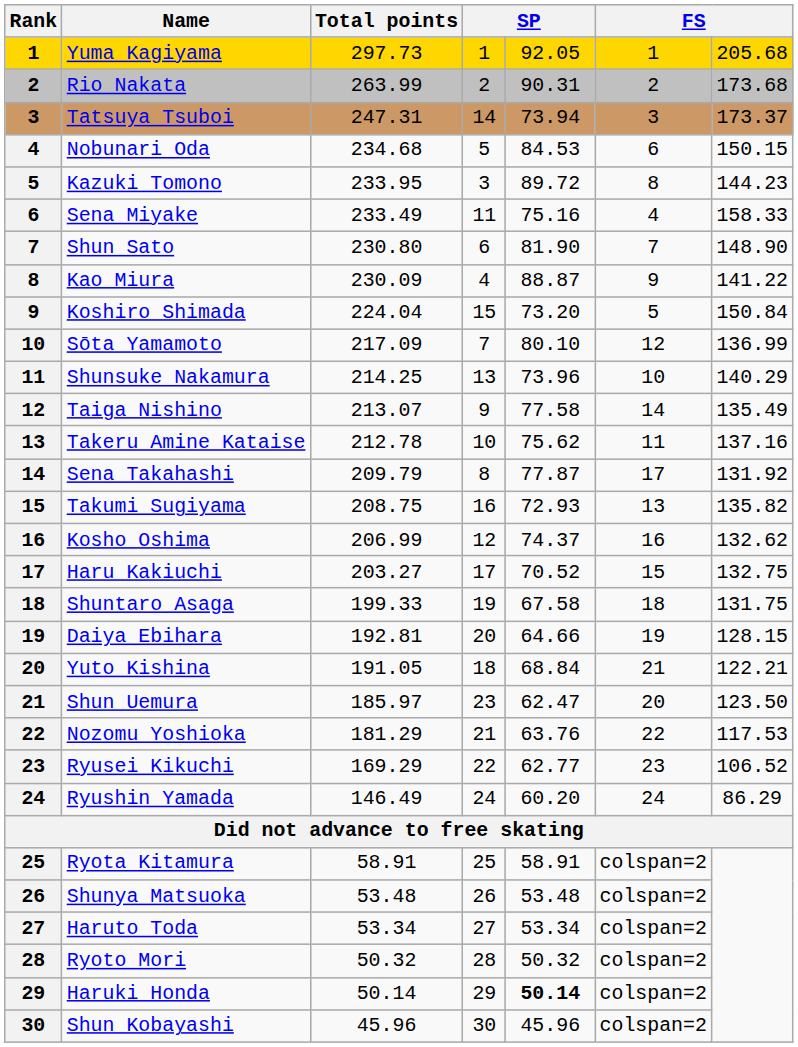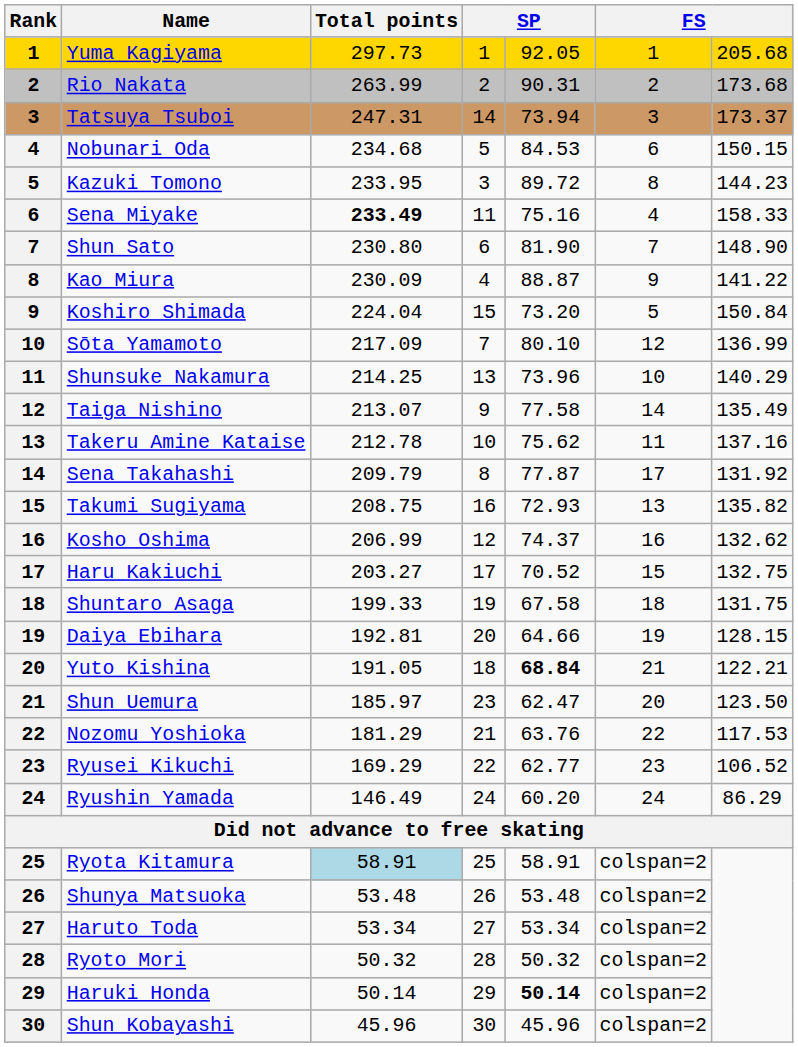 <table class="wikitable sortable">
 <tr>
 <th>Rank</th>
 <th>Name</th>
 <th>Total points</th>
 <th colspan="2" width="80px"><a href='#'>SP</a></th>
 <th colspan="2" width="80px"><a href='#'>FS</a></th>
 </tr>
 <tr bgcolor="gold">
 <td align="center"><strong>1</strong></td>
 <td><a href='#'>Yuma Kagiyama</a></td>
 <td align="center">297.73</td>
 <td align="center">1</td>
 <td align="center">92.05</td>
 <td align="center">1</td>
 <td align="center">205.68</td>
 </tr>
 <tr bgcolor="silver">
 <td align="center"><strong>2</strong></td>
 <td><a href='#'>Rio Nakata</a></td>
 <td align="center">263.99</td>
 <td align="center">2</td>
 <td align="center">90.31</td>
 <td align="center">2</td>
 <td align="center">173.68</td>
 </tr>
 <tr bgcolor="cc9966">
 <td align="center"><strong>3</strong></td>
 <td><a href='#'>Tatsuya Tsuboi</a></td>
 <td align="center">247.31</td>
 <td align="center">14</td>
 <td align="center">73.94</td>
 <td align="center">3</td>
 <td align="center">173.37</td>
 </tr>
 <tr>
 <th>4</th>
 <td><a href='#'>Nobunari Oda</a></td>
 <td align="center">234.68</td>
 <td align="center">5</td>
 <td align="center">84.53</td>
 <td align="center">6</td>
 <td align="center">150.15</td>
 </tr>
 <tr>
 <th>5</th>
 <td><a href='#'>Kazuki Tomono</a></td>
 <td align="center">233.95</td>
 <td align="center">3</td>
 <td align="center">89.72</td>
 <td align="center">8</td>
 <td align="center">144.23</td>
 </tr>
 <tr>
 <th>6</th>
 <td><a href='#'>Sena Miyake</a></td>
-<td align="center">233.49</td>
+<td align="center"><strong>233.49</strong></td>
 <td align="center">11</td>
 <td align="center">75.16</td>
 <td align="center">4</td>
 <td align="center">158.33</td>
 </tr>
 <tr>
 <th>7</th>
 <td><a href='#'>Shun Sato</a></td>
 <td align="center">230.80</td>
 <td align="center">6</td>
 <td align="center">81.90</td>
 <td align="center">7</td>
 <td align="center">148.90</td>
 </tr>
 <tr>
 <th>8</th>
 <td><a href='#'>Kao Miura</a></td>
 <td align="center">230.09</td>
 <td align="center">4</td>
 <td align="center">88.87</td>
 <td align="center">9</td>
 <td align="center">141.22</td>
 </tr>
 <tr>
 <th>9</th>
 <td><a href='#'>Koshiro Shimada</a></td>
 <td align="center">224.04</td>
 <td align="center">15</td>
 <td align="center">73.20</td>
 <td align="center">5</td>
 <td align="center">150.84</td>
 </tr>
 <tr>
 <th>10</th>
 <td><a href='#'>Sōta Yamamoto</a></td>
 <td align="center">217.09</td>
 <td align="center">7</td>
 <td align="center">80.10</td>
 <td align="center">12</td>
 <td align="center">136.99</td>
 </tr>
 <tr>
 <th>11</th>
 <td><a href='#'>Shunsuke Nakamura</a></td>
 <td align="center">214.25</td>
 <td align="center">13</td>
 <td align="center">73.96</td>
 <td align="center">10</td>
 <td align="center">140.29</td>
 </tr>
 <tr>
 <th>12</th>
 <td><a href='#'>Taiga Nishino</a></td>
 <td align="center">213.07</td>
 <td align="center">9</td>
 <td align="center">77.58</td>
 <td align="center">14</td>
 <td align="center">135.49</td>
 </tr>
 <tr>
 <th>13</th>
 <td><a href='#'>Takeru Amine Kataise</a></td>
 <td align="center">212.78</td>
 <td align="center">10</td>
 <td align="center">75.62</td>
 <td align="center">11</td>
 <td align="center">137.16</td>
 </tr>
 <tr>
 <th>14</th>
 <td><a href='#'>Sena Takahashi</a></td>
 <td align="center">209.79</td>
 <td align="center">8</td>
 <td align="center">77.87</td>
 <td align="center">17</td>
 <td align="center">131.92</td>
 </tr>
 <tr>
 <th>15</th>
 <td><a href='#'>Takumi Sugiyama</a></td>
 <td align="center">208.75</td>
 <td align="center">16</td>
 <td align="center">72.93</td>
 <td align="center">13</td>
 <td align="center">135.82</td>
 </tr>
 <tr>
 <th>16</th>
 <td><a href='#'>Kosho Oshima</a></td>
 <td align="center">206.99</td>
 <td align="center">12</td>
 <td align="center">74.37</td>
 <td align="center">16</td>
 <td align="center">132.62</td>
 </tr>
 <tr>
 <th>17</th>
 <td><a href='#'>Haru Kakiuchi</a></td>
 <td align="center">203.27</td>
 <td align="center">17</td>
 <td align="center">70.52</td>
 <td align="center">15</td>
 <td align="center">132.75</td>
 </tr>
 <tr>
 <th>18</th>
 <td><a href='#'>Shuntaro Asaga</a></td>
 <td align="center">199.33</td>
 <td align="center">19</td>
 <td align="center">67.58</td>
 <td align="center">18</td>
 <td align="center">131.75</td>
 </tr>
 <tr>
 <th>19</th>
 <td><a href='#'>Daiya Ebihara</a></td>
 <td align="center">192.81</td>
 <td align="center">20</td>
 <td align="center">64.66</td>
 <td align="center">19</td>
 <td align="center">128.15</td>
 </tr>
 <tr>
 <th>20</th>
 <td><a href='#'>Yuto Kishina</a></td>
 <td align="center">191.05</td>
 <td align="center">18</td>
-<td align="center">68.84</td>
+<td align="center"><strong>68.84</strong></td>
 <td align="center">21</td>
 <td align="center">122.21</td>
 </tr>
 <tr>
 <th>21</th>
 <td><a href='#'>Shun Uemura</a></td>
 <td align="center">185.97</td>
 <td align="center">23</td>
 <td align="center">62.47</td>
 <td align="center">20</td>
 <td align="center">123.50</td>
 </tr>
 <tr>
 <th>22</th>
 <td><a href='#'>Nozomu Yoshioka</a></td>
 <td align="center">181.29</td>
 <td align="center">21</td>
 <td align="center">63.76</td>
 <td align="center">22</td>
 <td align="center">117.53</td>
 </tr>
 <tr>
 <th>23</th>
 <td><a href='#'>Ryusei Kikuchi</a></td>
 <td align="center">169.29</td>
 <td align="center">22</td>
 <td align="center">62.77</td>
 <td align="center">23</td>
 <td align="center">106.52</td>
 </tr>
 <tr>
 <th>24</th>
 <td><a href='#'>Ryushin Yamada</a></td>
 <td align="center">146.49</td>
 <td align="center">24</td>
 <td align="center">60.20</td>
 <td align="center">24</td>
 <td align="center">86.29</td>
 </tr>
 <tr>
 <th colspan=8>Did not advance to free skating</th>
 </tr>
 <tr>
 <th>25</th>
 <td><a href='#'>Ryota Kitamura</a></td>
-<td align="center">58.91</td>
+<td align="center" style="background: lightblue;">58.91</td>
 <td align="center">25</td>
 <td align="center">58.91</td>
 <td>colspan=2 </td>
 </tr>
 <tr>
 <th>26</th>
 <td><a href='#'>Shunya Matsuoka</a></td>
 <td align="center">53.48</td>
 <td align="center">26</td>
 <td align="center">53.48</td>
 <td>colspan=2 </td>
 </tr>
 <tr>
 <th>27</th>
 <td><a href='#'>Haruto Toda</a></td>
 <td align="center">53.34</td>
 <td align="center">27</td>
 <td align="center">53.34</td>
 <td>colspan=2 </td>
 </tr>
 <tr>
 <th>28</th>
 <td><a href='#'>Ryoto Mori</a></td>
 <td align="center">50.32</td>
 <td align="center">28</td>
 <td align="center">50.32</td>
 <td>colspan=2 </td>
 </tr>
 <tr>
 <th>29</th>
 <td><a href='#'>Haruki Honda</a></td>
 <td align="center">50.14</td>
 <td align="center">29</td>
 <td align="center"><strong>50.14</strong></td>
 <td>colspan=2 </td>
 </tr>
 <tr>
 <th>30</th>
 <td><a href='#'>Shun Kobayashi</a></td>
 <td align="center">45.96</td>
 <td align="center">30</td>
 <td align="center">45.96</td>
 <td>colspan=2 </td>
 </tr>
 </table>
